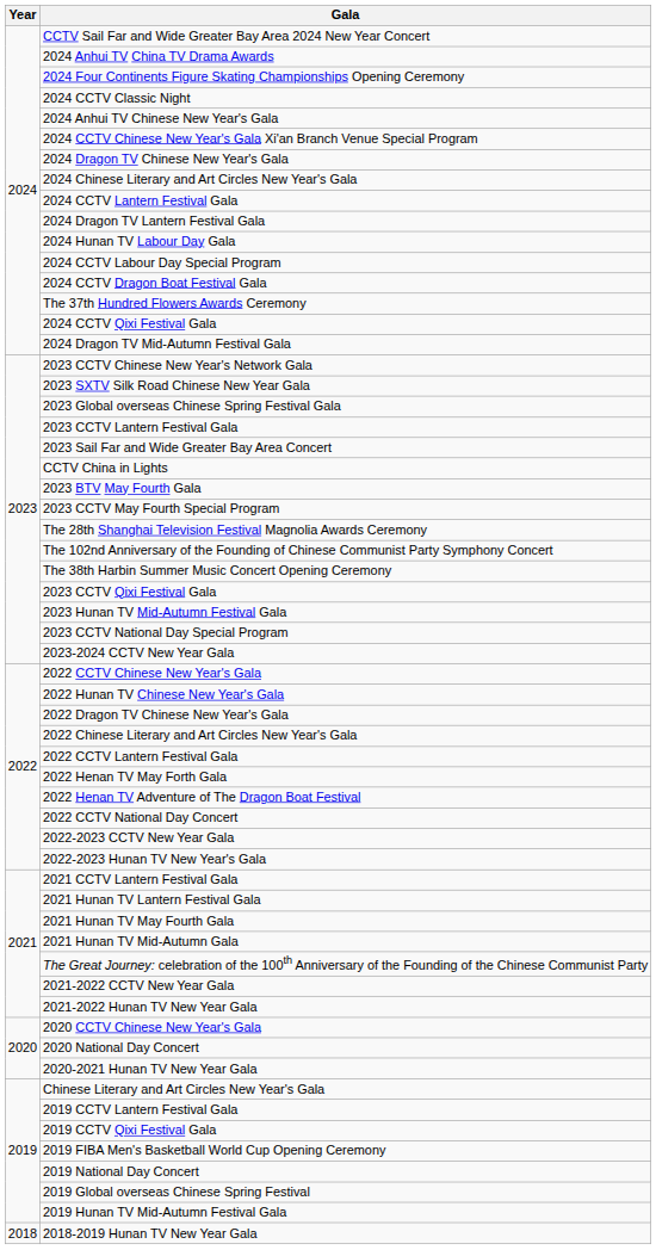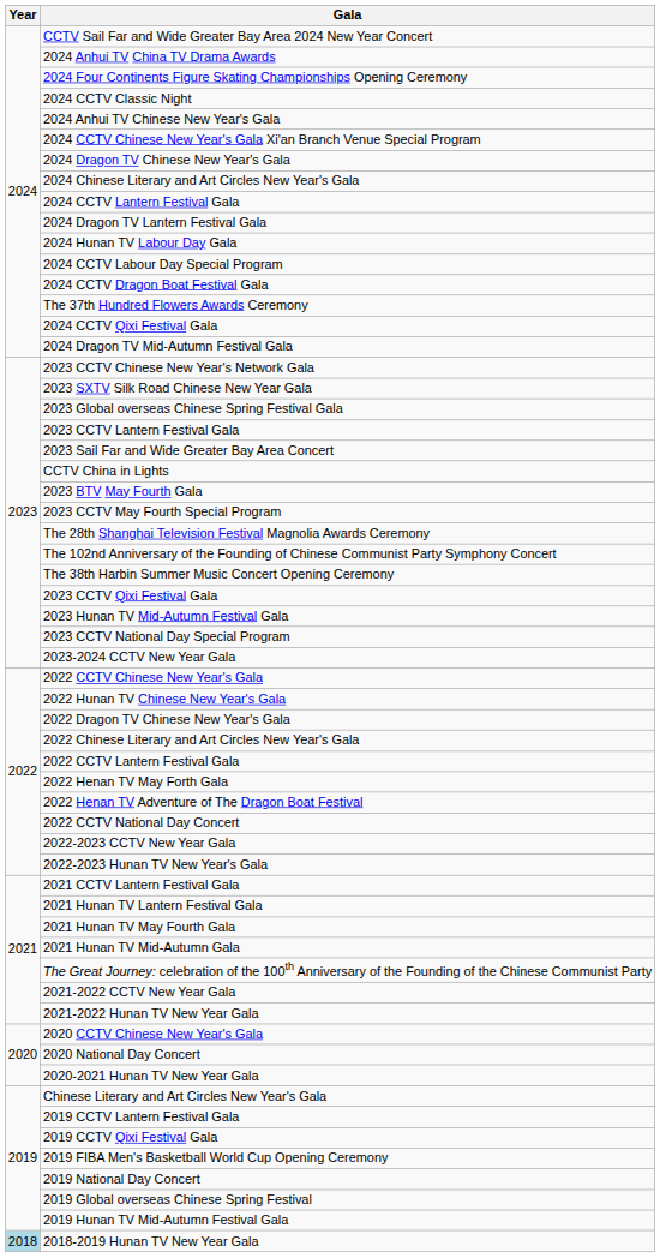 <table class="wikitable defaultcenter col3left">
 <tr>
 <th>Year</th>
 <th>Gala</th>
 </tr>
 <tr>
 <td rowspan="16">2024</td>
 <td><a href='#'>CCTV</a> Sail Far and Wide Greater Bay Area 2024 New Year Concert</td>
 </tr>
 <tr>
 <td>2024 <a href='#'>Anhui TV</a> <a href='#'>China TV Drama Awards</a></td>
 </tr>
 <tr>
 <td><a href='#'>2024 Four Continents Figure Skating Championships</a> Opening Ceremony</td>
 </tr>
 <tr>
 <td>2024 CCTV Classic Night</td>
 </tr>
 <tr>
 <td>2024 Anhui TV Chinese New Year's Gala</td>
 </tr>
 <tr>
 <td>2024 <a href='#'>CCTV Chinese New Year's Gala</a> Xi'an Branch Venue Special Program</td>
 </tr>
 <tr>
 <td>2024 <a href='#'>Dragon TV</a> Chinese New Year's Gala</td>
 </tr>
 <tr>
 <td>2024 Chinese Literary and Art Circles New Year's Gala</td>
 </tr>
 <tr>
 <td>2024 CCTV <a href='#'>Lantern Festival</a> Gala</td>
 </tr>
 <tr>
 <td>2024 Dragon TV Lantern Festival Gala</td>
 </tr>
 <tr>
 <td>2024 Hunan TV <a href='#'>Labour Day</a> Gala</td>
 </tr>
 <tr>
 <td>2024 CCTV Labour Day Special Program</td>
 </tr>
 <tr>
 <td>2024 CCTV <a href='#'>Dragon Boat Festival</a> Gala</td>
 </tr>
 <tr>
 <td>The 37th <a href='#'>Hundred Flowers Awards</a> Ceremony</td>
 </tr>
 <tr>
 <td>2024 CCTV <a href='#'>Qixi Festival</a> Gala</td>
 </tr>
 <tr>
 <td>2024 Dragon TV Mid-Autumn Festival Gala</td>
 </tr>
 <tr>
 <td rowspan="15">2023</td>
 <td>2023 CCTV Chinese New Year's Network Gala</td>
 </tr>
 <tr>
 <td>2023 <a href='#'>SXTV</a> Silk Road Chinese New Year Gala</td>
 </tr>
 <tr>
 <td>2023 Global overseas Chinese Spring Festival Gala</td>
 </tr>
 <tr>
 <td>2023 CCTV Lantern Festival Gala</td>
 </tr>
 <tr>
 <td>2023 Sail Far and Wide Greater Bay Area Concert</td>
 </tr>
 <tr>
 <td>CCTV China in Lights</td>
 </tr>
 <tr>
 <td>2023 <a href='#'>BTV</a> <a href='#'>May Fourth</a> Gala</td>
 </tr>
 <tr>
 <td>2023 CCTV May Fourth Special Program</td>
 </tr>
 <tr>
 <td>The 28th <a href='#'>Shanghai Television Festival</a> Magnolia Awards Ceremony</td>
 </tr>
 <tr>
 <td>The 102nd Anniversary of the Founding of Chinese Communist Party Symphony Concert</td>
 </tr>
 <tr>
 <td>The 38th Harbin Summer Music Concert Opening Ceremony</td>
 </tr>
 <tr>
 <td>2023 CCTV <a href='#'>Qixi Festival</a> Gala</td>
 </tr>
 <tr>
 <td>2023 Hunan TV <a href='#'>Mid-Autumn Festival</a> Gala</td>
 </tr>
 <tr>
 <td>2023 CCTV National Day Special Program</td>
 </tr>
 <tr>
 <td>2023-2024 CCTV New Year Gala</td>
 </tr>
 <tr>
 <td rowspan="10">2022</td>
 <td>2022 <a href='#'>CCTV Chinese New Year's Gala</a></td>
 </tr>
 <tr>
 <td>2022 Hunan TV <a href='#'>Chinese New Year's Gala</a></td>
 </tr>
 <tr>
 <td>2022 Dragon TV Chinese New Year's Gala</td>
 </tr>
 <tr>
 <td>2022 Chinese Literary and Art Circles New Year's Gala</td>
 </tr>
 <tr>
 <td>2022 CCTV Lantern Festival Gala</td>
 </tr>
 <tr>
 <td>2022 Henan TV May Forth Gala</td>
 </tr>
 <tr>
 <td>2022 <a href='#'>Henan TV</a> Adventure of The <a href='#'>Dragon Boat Festival</a></td>
 </tr>
 <tr>
 <td>2022 CCTV National Day Concert</td>
 </tr>
 <tr>
 <td>2022-2023 CCTV New Year Gala</td>
 </tr>
 <tr>
 <td>2022-2023 Hunan TV New Year's Gala</td>
 </tr>
 <tr>
 <td rowspan="7">2021</td>
 <td>2021 CCTV Lantern Festival Gala</td>
 </tr>
 <tr>
 <td>2021 Hunan TV Lantern Festival Gala</td>
 </tr>
 <tr>
 <td>2021 Hunan TV May Fourth Gala</td>
 </tr>
 <tr>
 <td>2021 Hunan TV Mid-Autumn Gala</td>
 </tr>
 <tr>
 <td><em>The Great Journey:</em> celebration of the 100<sup>th</sup> Anniversary of the Founding of the Chinese Communist Party</td>
 </tr>
 <tr>
 <td>2021-2022 CCTV New Year Gala</td>
 </tr>
 <tr>
 <td>2021-2022 Hunan TV New Year Gala</td>
 </tr>
 <tr>
 <td rowspan="3">2020</td>
 <td>2020 <a href='#'>CCTV Chinese New Year's Gala</a></td>
 </tr>
 <tr>
 <td>2020 National Day Concert</td>
 </tr>
 <tr>
 <td>2020-2021 Hunan TV New Year Gala</td>
 </tr>
 <tr>
 <td rowspan="7">2019</td>
 <td>Chinese Literary and Art Circles New Year's Gala</td>
 </tr>
 <tr>
 <td>2019 CCTV Lantern Festival Gala</td>
 </tr>
 <tr>
 <td>2019 CCTV <a href='#'>Qixi Festival</a> Gala</td>
 </tr>
 <tr>
 <td>2019 FIBA Men's Basketball World Cup Opening Ceremony</td>
 </tr>
 <tr>
 <td>2019 National Day Concert</td>
 </tr>
 <tr>
 <td>2019 Global overseas Chinese Spring Festival</td>
 </tr>
 <tr>
 <td>2019 Hunan TV Mid-Autumn Festival Gala</td>
 </tr>
 <tr>
-<td>2018</td>
+<td style="background: lightblue;">2018</td>
 <td>2018-2019 Hunan TV New Year Gala</td>
 </tr>
 </table>
